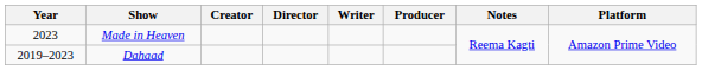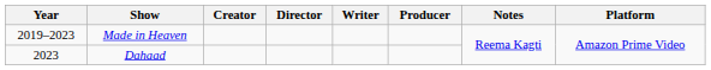 <table class="wikitable" style="width: 100%; text-align: center;">
 <tr>
 <th>Year</th>
 <th>Show</th>
 <th>Creator</th>
 <th>Director</th>
 <th>Writer</th>
 <th>Producer</th>
 <th>Notes</th>
 <th>Platform</th>
 </tr>
 <tr>
-<td style="text-align:center;">2023</td>
+<td style="text-align:center;">2019–2023</td>
 <td><em><a href='#'>Made in Heaven</a></em></td>
 <td></td>
 <td></td>
 <td></td>
 <td></td>
 <td rowspan=2> <a href='#'>Reema Kagti</a></td>
 <td rowspan=2><a href='#'>Amazon Prime Video</a></td>
 </tr>
 <tr>
-<td style="text-align:center;">2019–2023</td>
+<td style="text-align:center;">2023</td>
 <td><em><a href='#'>Dahaad</a></em></td>
 <td></td>
 <td></td>
 <td></td>
 <td></td>
 </tr>
 </table>
